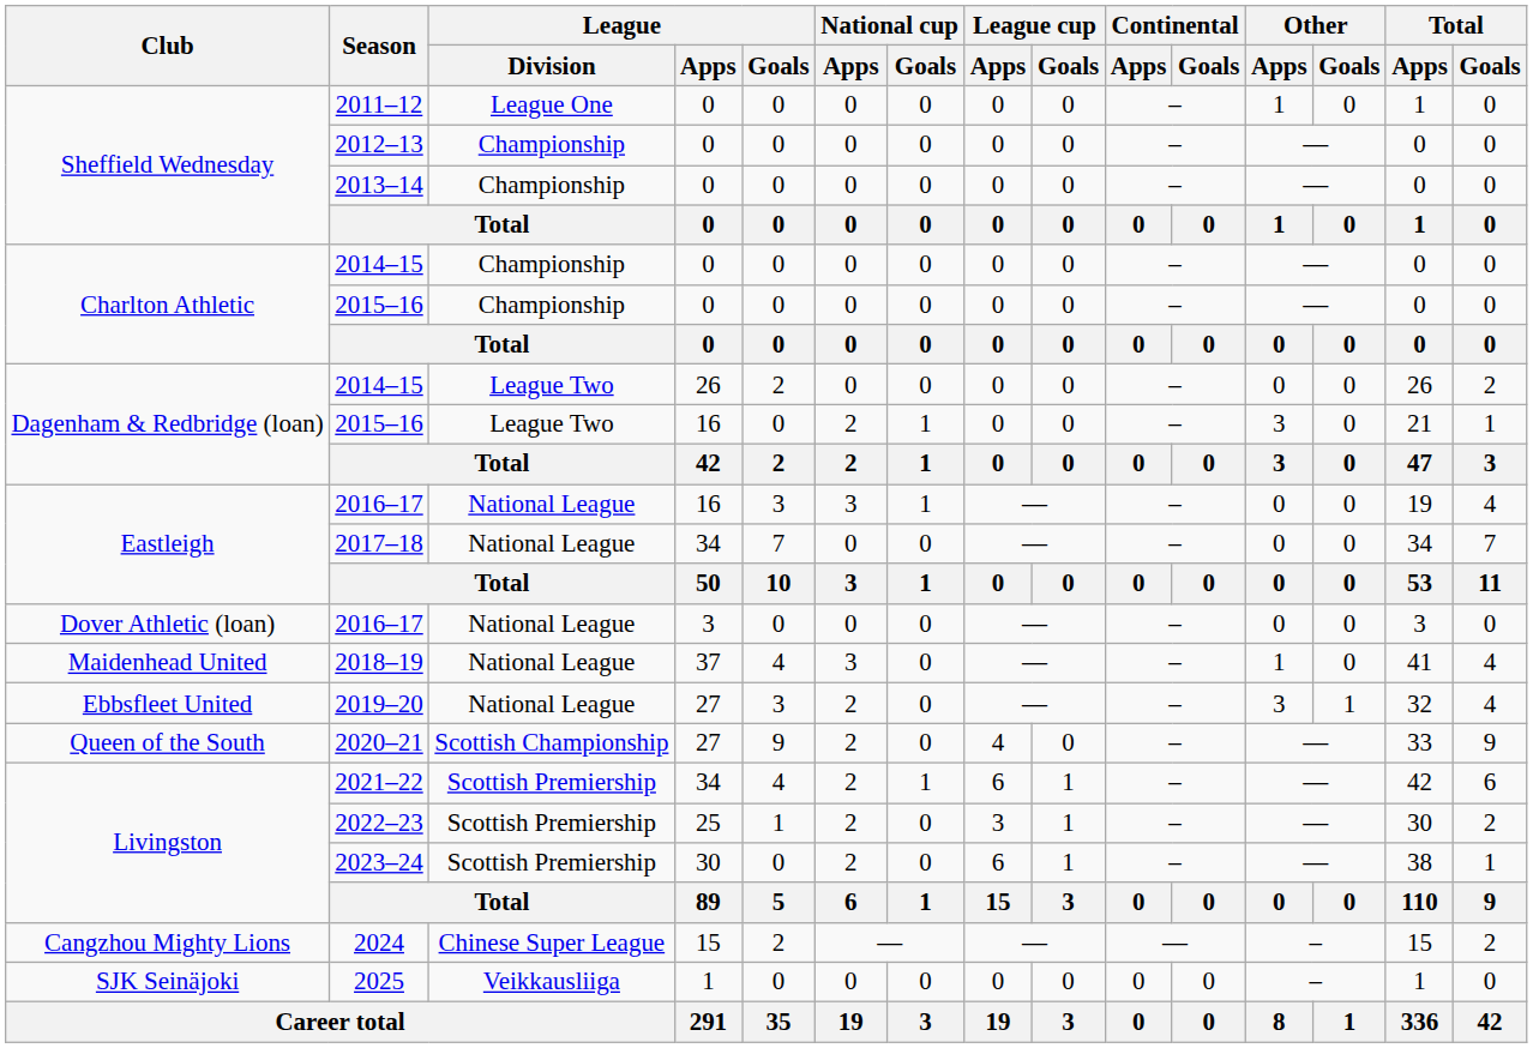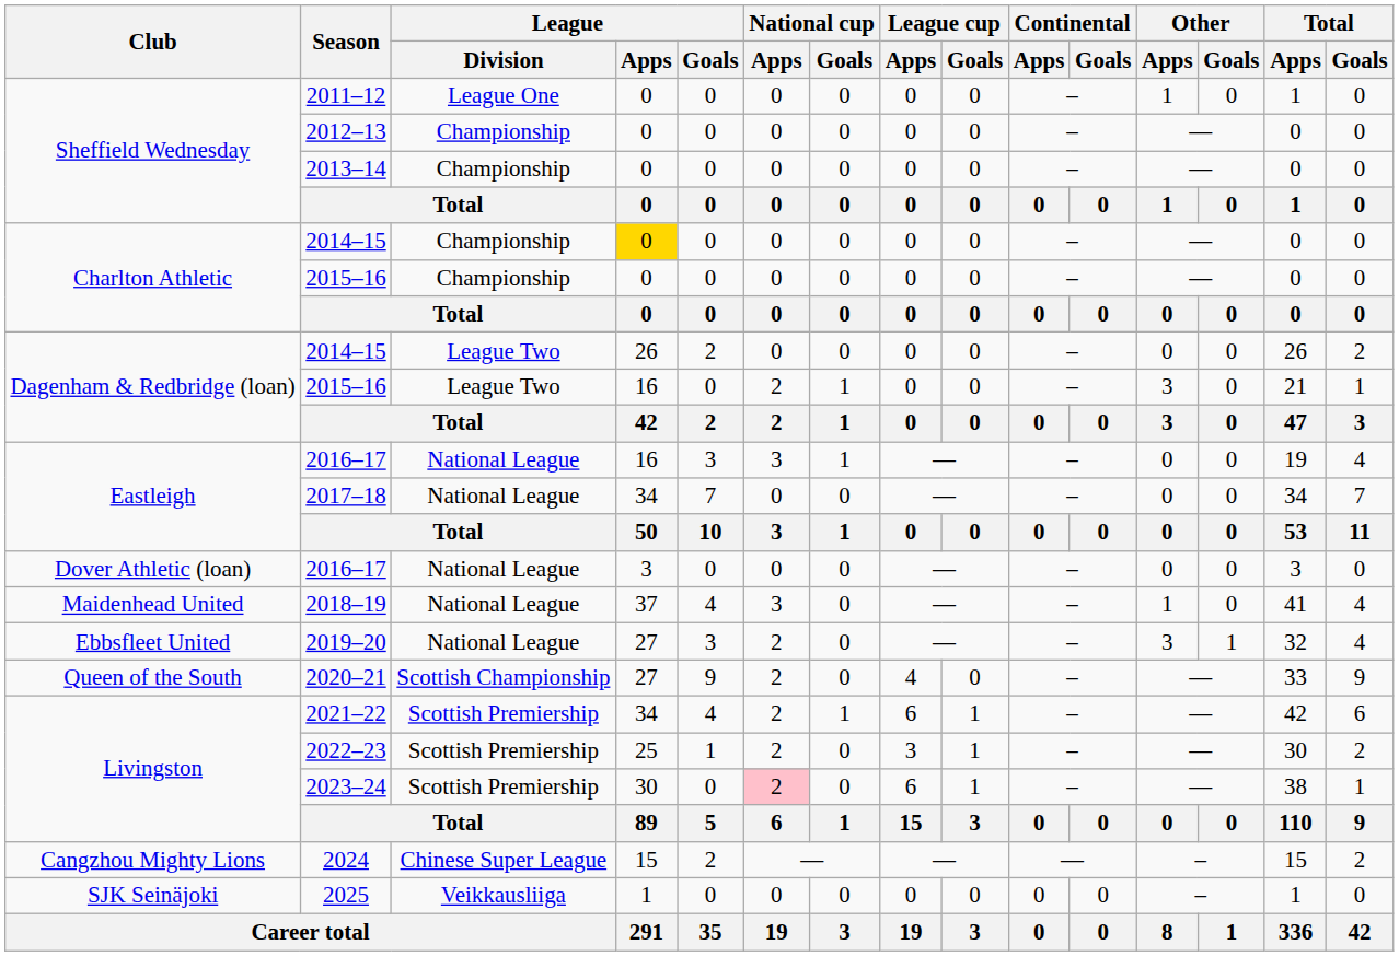 <table class="wikitable" style="text-align: center">
 <tr>
 <th rowspan="2">Club</th>
 <th rowspan="2">Season</th>
 <th colspan="3">League</th>
 <th colspan="2">National cup</th>
 <th colspan="2">League cup</th>
 <th colspan="2">Continental</th>
 <th colspan="2">Other</th>
 <th colspan="2">Total</th>
 </tr>
 <tr>
 <th>Division</th>
 <th>Apps</th>
 <th>Goals</th>
 <th>Apps</th>
 <th>Goals</th>
 <th>Apps</th>
 <th>Goals</th>
 <th>Apps</th>
 <th>Goals</th>
 <th>Apps</th>
 <th>Goals</th>
 <th>Apps</th>
 <th>Goals</th>
 </tr>
 <tr>
 <td rowspan="4"><a href='#'>Sheffield Wednesday</a></td>
 <td><a href='#'>2011–12</a></td>
 <td><a href='#'>League One</a></td>
 <td>0</td>
 <td>0</td>
 <td>0</td>
 <td>0</td>
 <td>0</td>
 <td>0</td>
 <td colspan=2>–</td>
 <td>1</td>
 <td>0</td>
 <td>1</td>
 <td>0</td>
 </tr>
 <tr>
 <td><a href='#'>2012–13</a></td>
 <td><a href='#'>Championship</a></td>
 <td>0</td>
 <td>0</td>
 <td>0</td>
 <td>0</td>
 <td>0</td>
 <td>0</td>
 <td colspan=2>–</td>
 <td colspan="2">—</td>
 <td>0</td>
 <td>0</td>
 </tr>
 <tr>
 <td><a href='#'>2013–14</a></td>
 <td>Championship</td>
 <td>0</td>
 <td>0</td>
 <td>0</td>
 <td>0</td>
 <td>0</td>
 <td>0</td>
 <td colspan=2>–</td>
 <td colspan="2">—</td>
 <td>0</td>
 <td>0</td>
 </tr>
 <tr>
 <th colspan="2">Total</th>
 <th>0</th>
 <th>0</th>
 <th>0</th>
 <th>0</th>
 <th>0</th>
 <th>0</th>
 <th>0</th>
 <th>0</th>
 <th>1</th>
 <th>0</th>
 <th>1</th>
 <th>0</th>
 </tr>
 <tr>
 <td rowspan="3"><a href='#'>Charlton Athletic</a></td>
 <td><a href='#'>2014–15</a></td>
 <td>Championship</td>
-<td>0</td>
+<td style="background: gold;">0</td>
 <td>0</td>
 <td>0</td>
 <td>0</td>
 <td>0</td>
 <td>0</td>
 <td colspan=2>–</td>
 <td colspan="2">—</td>
 <td>0</td>
 <td>0</td>
 </tr>
 <tr>
 <td><a href='#'>2015–16</a></td>
 <td>Championship</td>
 <td>0</td>
 <td>0</td>
 <td>0</td>
 <td>0</td>
 <td>0</td>
 <td>0</td>
 <td colspan=2>–</td>
 <td colspan="2">—</td>
 <td>0</td>
 <td>0</td>
 </tr>
 <tr>
 <th colspan="2">Total</th>
 <th>0</th>
 <th>0</th>
 <th>0</th>
 <th>0</th>
 <th>0</th>
 <th>0</th>
 <th>0</th>
 <th>0</th>
 <th>0</th>
 <th>0</th>
 <th>0</th>
 <th>0</th>
 </tr>
 <tr>
 <td rowspan="3"><a href='#'>Dagenham & Redbridge</a> (loan)</td>
 <td><a href='#'>2014–15</a></td>
 <td><a href='#'>League Two</a></td>
 <td>26</td>
 <td>2</td>
 <td>0</td>
 <td>0</td>
 <td>0</td>
 <td>0</td>
 <td colspan=2>–</td>
 <td>0</td>
 <td>0</td>
 <td>26</td>
 <td>2</td>
 </tr>
 <tr>
 <td><a href='#'>2015–16</a></td>
 <td>League Two</td>
 <td>16</td>
 <td>0</td>
 <td>2</td>
 <td>1</td>
 <td>0</td>
 <td>0</td>
 <td colspan=2>–</td>
 <td>3</td>
 <td>0</td>
 <td>21</td>
 <td>1</td>
 </tr>
 <tr>
 <th colspan="2">Total</th>
 <th>42</th>
 <th>2</th>
 <th>2</th>
 <th>1</th>
 <th>0</th>
 <th>0</th>
 <th>0</th>
 <th>0</th>
 <th>3</th>
 <th>0</th>
 <th>47</th>
 <th>3</th>
 </tr>
 <tr>
 <td rowspan="3"><a href='#'>Eastleigh</a></td>
 <td><a href='#'>2016–17</a></td>
 <td><a href='#'>National League</a></td>
 <td>16</td>
 <td>3</td>
 <td>3</td>
 <td>1</td>
 <td colspan="2">—</td>
 <td colspan=2>–</td>
 <td>0</td>
 <td>0</td>
 <td>19</td>
 <td>4</td>
 </tr>
 <tr>
 <td><a href='#'>2017–18</a></td>
 <td>National League</td>
 <td>34</td>
 <td>7</td>
 <td>0</td>
 <td>0</td>
 <td colspan="2">—</td>
 <td colspan=2>–</td>
 <td>0</td>
 <td>0</td>
 <td>34</td>
 <td>7</td>
 </tr>
 <tr>
 <th colspan="2">Total</th>
 <th>50</th>
 <th>10</th>
 <th>3</th>
 <th>1</th>
 <th>0</th>
 <th>0</th>
 <th>0</th>
 <th>0</th>
 <th>0</th>
 <th>0</th>
 <th>53</th>
 <th>11</th>
 </tr>
 <tr>
 <td><a href='#'>Dover Athletic</a> (loan)</td>
 <td><a href='#'>2016–17</a></td>
 <td>National League</td>
 <td>3</td>
 <td>0</td>
 <td>0</td>
 <td>0</td>
 <td colspan="2">—</td>
 <td colspan=2>–</td>
 <td>0</td>
 <td>0</td>
 <td>3</td>
 <td>0</td>
 </tr>
 <tr>
 <td><a href='#'>Maidenhead United</a></td>
 <td><a href='#'>2018–19</a></td>
 <td>National League</td>
 <td>37</td>
 <td>4</td>
 <td>3</td>
 <td>0</td>
 <td colspan="2">—</td>
 <td colspan=2>–</td>
 <td>1</td>
 <td>0</td>
 <td>41</td>
 <td>4</td>
 </tr>
 <tr>
 <td><a href='#'>Ebbsfleet United</a></td>
 <td><a href='#'>2019–20</a></td>
 <td>National League</td>
 <td>27</td>
 <td>3</td>
 <td>2</td>
 <td>0</td>
 <td colspan="2">—</td>
 <td colspan=2>–</td>
 <td>3</td>
 <td>1</td>
 <td>32</td>
 <td>4</td>
 </tr>
 <tr>
 <td><a href='#'>Queen of the South</a></td>
 <td><a href='#'>2020–21</a></td>
 <td><a href='#'>Scottish Championship</a></td>
 <td>27</td>
 <td>9</td>
 <td>2</td>
 <td>0</td>
 <td>4</td>
 <td>0</td>
 <td colspan=2>–</td>
 <td colspan=2>—</td>
 <td>33</td>
 <td>9</td>
 </tr>
 <tr>
 <td rowspan="4"><a href='#'>Livingston</a></td>
 <td><a href='#'>2021–22</a></td>
 <td><a href='#'>Scottish Premiership</a></td>
 <td>34</td>
 <td>4</td>
 <td>2</td>
 <td>1</td>
 <td>6</td>
 <td>1</td>
 <td colspan=2>–</td>
 <td colspan=2>—</td>
 <td>42</td>
 <td>6</td>
 </tr>
 <tr>
 <td><a href='#'>2022–23</a></td>
 <td>Scottish Premiership</td>
 <td>25</td>
 <td>1</td>
 <td>2</td>
 <td>0</td>
 <td>3</td>
 <td>1</td>
 <td colspan=2>–</td>
 <td colspan=2>—</td>
 <td>30</td>
 <td>2</td>
 </tr>
 <tr>
 <td><a href='#'>2023–24</a></td>
 <td>Scottish Premiership</td>
 <td>30</td>
 <td>0</td>
-<td>2</td>
+<td style="background: pink;">2</td>
 <td>0</td>
 <td>6</td>
 <td>1</td>
 <td colspan=2>–</td>
 <td colspan=2>—</td>
 <td>38</td>
 <td>1</td>
 </tr>
 <tr>
 <th colspan="2">Total</th>
 <th>89</th>
 <th>5</th>
 <th>6</th>
 <th>1</th>
 <th>15</th>
 <th>3</th>
 <th>0</th>
 <th>0</th>
 <th>0</th>
 <th>0</th>
 <th>110</th>
 <th>9</th>
 </tr>
 <tr>
 <td><a href='#'>Cangzhou Mighty Lions</a></td>
 <td><a href='#'>2024</a></td>
 <td><a href='#'>Chinese Super League</a></td>
 <td>15</td>
 <td>2</td>
 <td colspan=2>—</td>
 <td colspan=2>—</td>
 <td colspan=2>—</td>
 <td colspan=2>–</td>
 <td>15</td>
 <td>2</td>
 </tr>
 <tr>
 <td><a href='#'>SJK Seinäjoki</a></td>
 <td><a href='#'>2025</a></td>
 <td><a href='#'>Veikkausliiga</a></td>
 <td>1</td>
 <td>0</td>
 <td>0</td>
 <td>0</td>
 <td>0</td>
 <td>0</td>
 <td>0</td>
 <td>0</td>
 <td colspan=2>–</td>
 <td>1</td>
 <td>0</td>
 </tr>
 <tr>
 <th colspan="3">Career total</th>
 <th>291</th>
 <th>35</th>
 <th>19</th>
 <th>3</th>
 <th>19</th>
 <th>3</th>
 <th>0</th>
 <th>0</th>
 <th>8</th>
 <th>1</th>
 <th>336</th>
 <th>42</th>
 </tr>
 </table>
